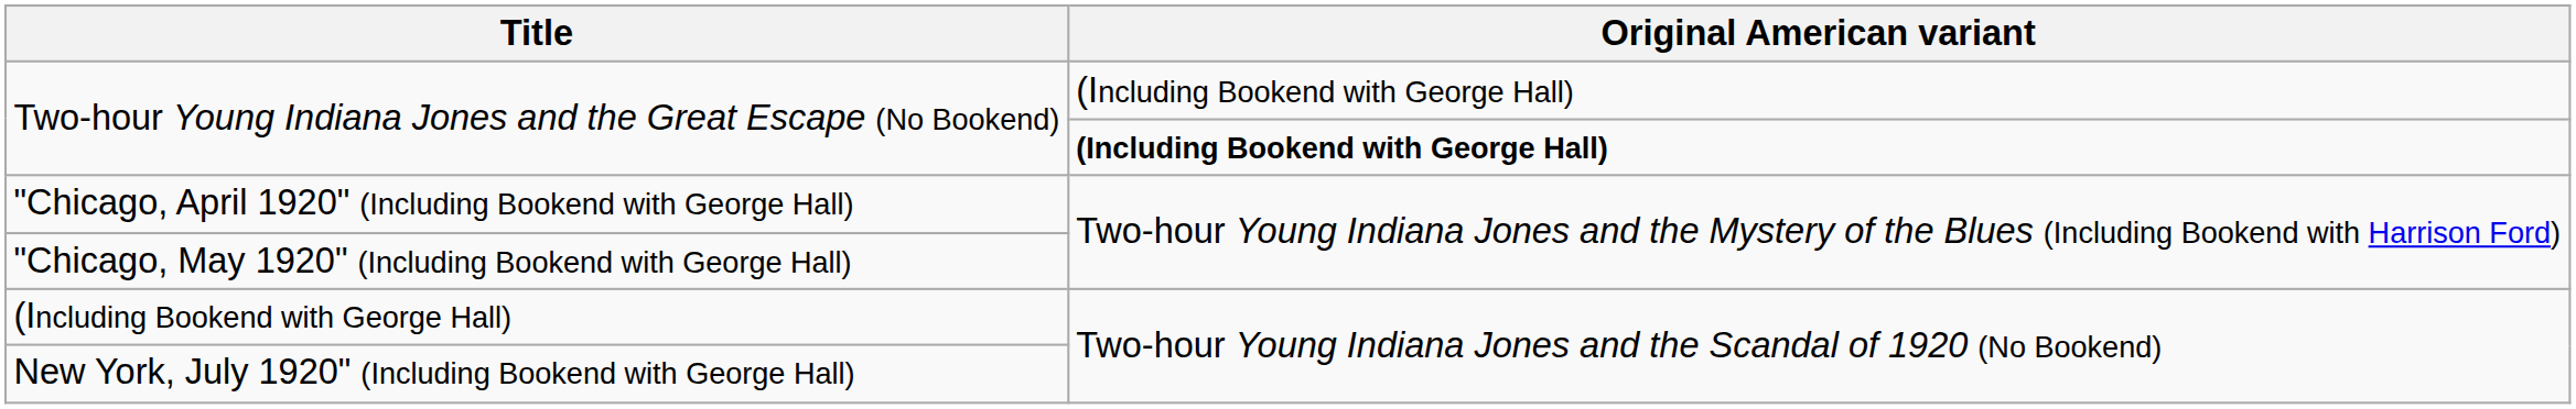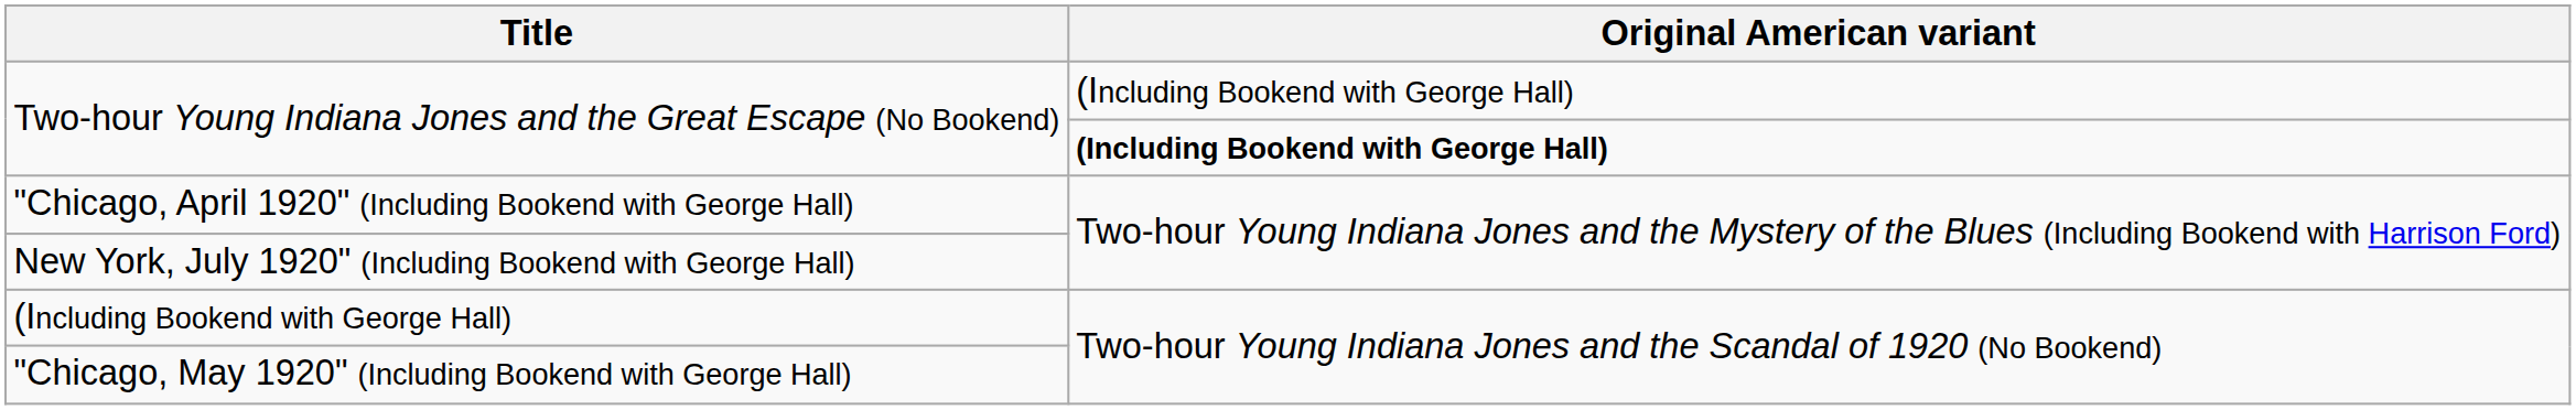 <table class="wikitable">
 <tr>
 <th>Title</th>
 <th>Original American variant</th>
 </tr>
 <tr>
 <td rowspan="2">Two-hour <em>Young Indiana Jones and the Great Escape</em> <small>(No Bookend)</small></td>
 <td> (I<small>ncluding Bookend with George Hall)</small></td>
 </tr>
 <tr>
 <td><strong> <small>(Including Bookend with George Hall)</small></strong></td>
 </tr>
 <tr>
 <td>"Chicago, April 1920" <small>(Including Bookend with George Hall)</small></td>
 <td rowspan="2">Two-hour <em>Young Indiana Jones and the Mystery of the Blues</em> <small>(Including Bookend with <a href='#'>Harrison Ford</a>)</small></td>
 </tr>
 <tr>
-<td>"Chicago, May 1920" <small>(Including Bookend with George Hall)</small></td>
+<td>New York, July 1920" <small>(Including Bookend with George Hall)</small></td>
 </tr>
 <tr>
 <td> (I<small>ncluding Bookend with George Hall)</small></td>
 <td rowspan="2">Two-hour <em>Young Indiana Jones and the Scandal of 1920</em> <small>(No Bookend)</small></td>
 </tr>
 <tr>
-<td>New York, July 1920" <small>(Including Bookend with George Hall)</small></td>
+<td>"Chicago, May 1920" <small>(Including Bookend with George Hall)</small></td>
 </tr>
 </table>
